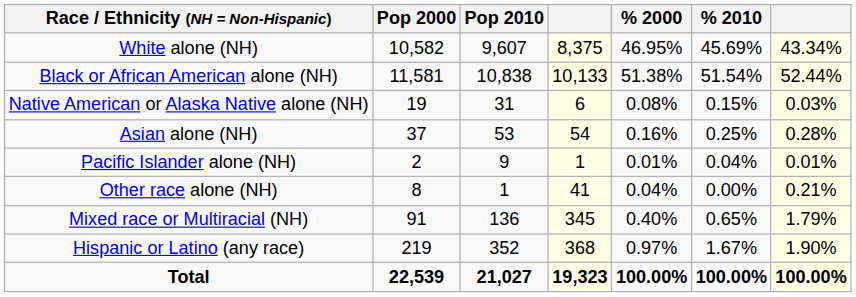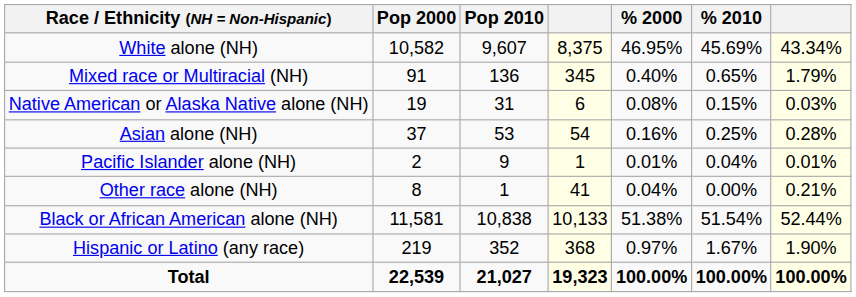 <table class="wikitable" style="text-align:center;">
 <tr>
 <th>Race / Ethnicity <small>(<em>NH = Non-Hispanic</em>)</small></th>
 <th>Pop 2000</th>
 <th>Pop 2010</th>
 <th></th>
 <th>% 2000</th>
 <th>% 2010</th>
 <th></th>
 </tr>
 <tr>
 <td><a href='#'>White</a> alone (NH)</td>
 <td>10,582</td>
 <td>9,607</td>
 <td style='background: #ffffe6;'>8,375</td>
 <td>46.95%</td>
 <td>45.69%</td>
 <td style='background: #ffffe6;'>43.34%</td>
 </tr>
 <tr>
-<td><a href='#'>Black or African American</a> alone (NH)</td>
-<td>11,581</td>
-<td>10,838</td>
-<td style='background: #ffffe6;'>10,133</td>
-<td>51.38%</td>
-<td>51.54%</td>
-<td style='background: #ffffe6;'>52.44%</td>
+<td><a href='#'>Mixed race or Multiracial</a> (NH)</td>
+<td>91</td>
+<td>136</td>
+<td style='background: #ffffe6;'>345</td>
+<td>0.40%</td>
+<td>0.65%</td>
+<td style='background: #ffffe6;'>1.79%</td>
 </tr>
 <tr>
 <td><a href='#'>Native American</a> or <a href='#'>Alaska Native</a> alone (NH)</td>
 <td>19</td>
 <td>31</td>
 <td style='background: #ffffe6;'>6</td>
 <td>0.08%</td>
 <td>0.15%</td>
 <td style='background: #ffffe6;'>0.03%</td>
 </tr>
 <tr>
 <td><a href='#'>Asian</a> alone (NH)</td>
 <td>37</td>
 <td>53</td>
 <td style='background: #ffffe6;'>54</td>
 <td>0.16%</td>
 <td>0.25%</td>
 <td style='background: #ffffe6;'>0.28%</td>
 </tr>
 <tr>
 <td><a href='#'>Pacific Islander</a> alone (NH)</td>
 <td>2</td>
 <td>9</td>
 <td style='background: #ffffe6;'>1</td>
 <td>0.01%</td>
 <td>0.04%</td>
 <td style='background: #ffffe6;'>0.01%</td>
 </tr>
 <tr>
 <td><a href='#'>Other race</a> alone (NH)</td>
 <td>8</td>
 <td>1</td>
 <td style='background: #ffffe6;'>41</td>
 <td>0.04%</td>
 <td>0.00%</td>
 <td style='background: #ffffe6;'>0.21%</td>
 </tr>
 <tr>
-<td><a href='#'>Mixed race or Multiracial</a> (NH)</td>
-<td>91</td>
-<td>136</td>
-<td style='background: #ffffe6;'>345</td>
-<td>0.40%</td>
-<td>0.65%</td>
-<td style='background: #ffffe6;'>1.79%</td>
+<td><a href='#'>Black or African American</a> alone (NH)</td>
+<td>11,581</td>
+<td>10,838</td>
+<td style='background: #ffffe6;'>10,133</td>
+<td>51.38%</td>
+<td>51.54%</td>
+<td style='background: #ffffe6;'>52.44%</td>
 </tr>
 <tr>
 <td><a href='#'>Hispanic or Latino</a> (any race)</td>
 <td>219</td>
 <td>352</td>
 <td style='background: #ffffe6;'>368</td>
 <td>0.97%</td>
 <td>1.67%</td>
 <td style='background: #ffffe6;'>1.90%</td>
 </tr>
 <tr>
 <td><strong>Total</strong></td>
 <td><strong>22,539</strong></td>
 <td><strong>21,027</strong></td>
 <td style='background: #ffffe6;'><strong>19,323</strong></td>
 <td><strong>100.00%</strong></td>
 <td><strong>100.00%</strong></td>
 <td style='background: #ffffe6;'><strong>100.00%</strong></td>
 </tr>
 </table>
